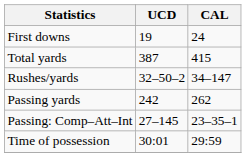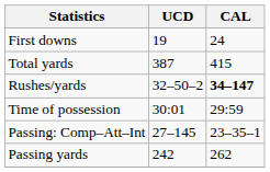 <table class="wikitable" style="float: left;">
 <tr>
 <th>Statistics</th>
 <th>UCD</th>
 <th>CAL</th>
 </tr>
 <tr>
 <td>First downs</td>
 <td>19</td>
 <td>24</td>
 </tr>
 <tr>
 <td>Total yards</td>
 <td>387</td>
 <td>415</td>
 </tr>
 <tr>
 <td>Rushes/yards</td>
 <td>32–50–2</td>
-<td>34–147</td>
+<td><strong>34–147</strong></td>
+</tr>
+<tr>
+<td>Time of possession</td>
+<td>30:01</td>
+<td>29:59</td>
+</tr>
+<tr>
+<td>Passing: Comp–Att–Int</td>
+<td>27–145</td>
+<td>23–35–1</td>
 </tr>
 <tr>
 <td>Passing yards</td>
 <td>242</td>
 <td>262</td>
 </tr>
 <tr>
-<td>Passing: Comp–Att–Int</td>
-<td>27–145</td>
-<td>23–35–1</td>
-</tr>
-<tr>
-<td>Time of possession</td>
-<td>30:01</td>
-<td>29:59</td>
-</tr>
-<tr>
 </tr>
 </table>
